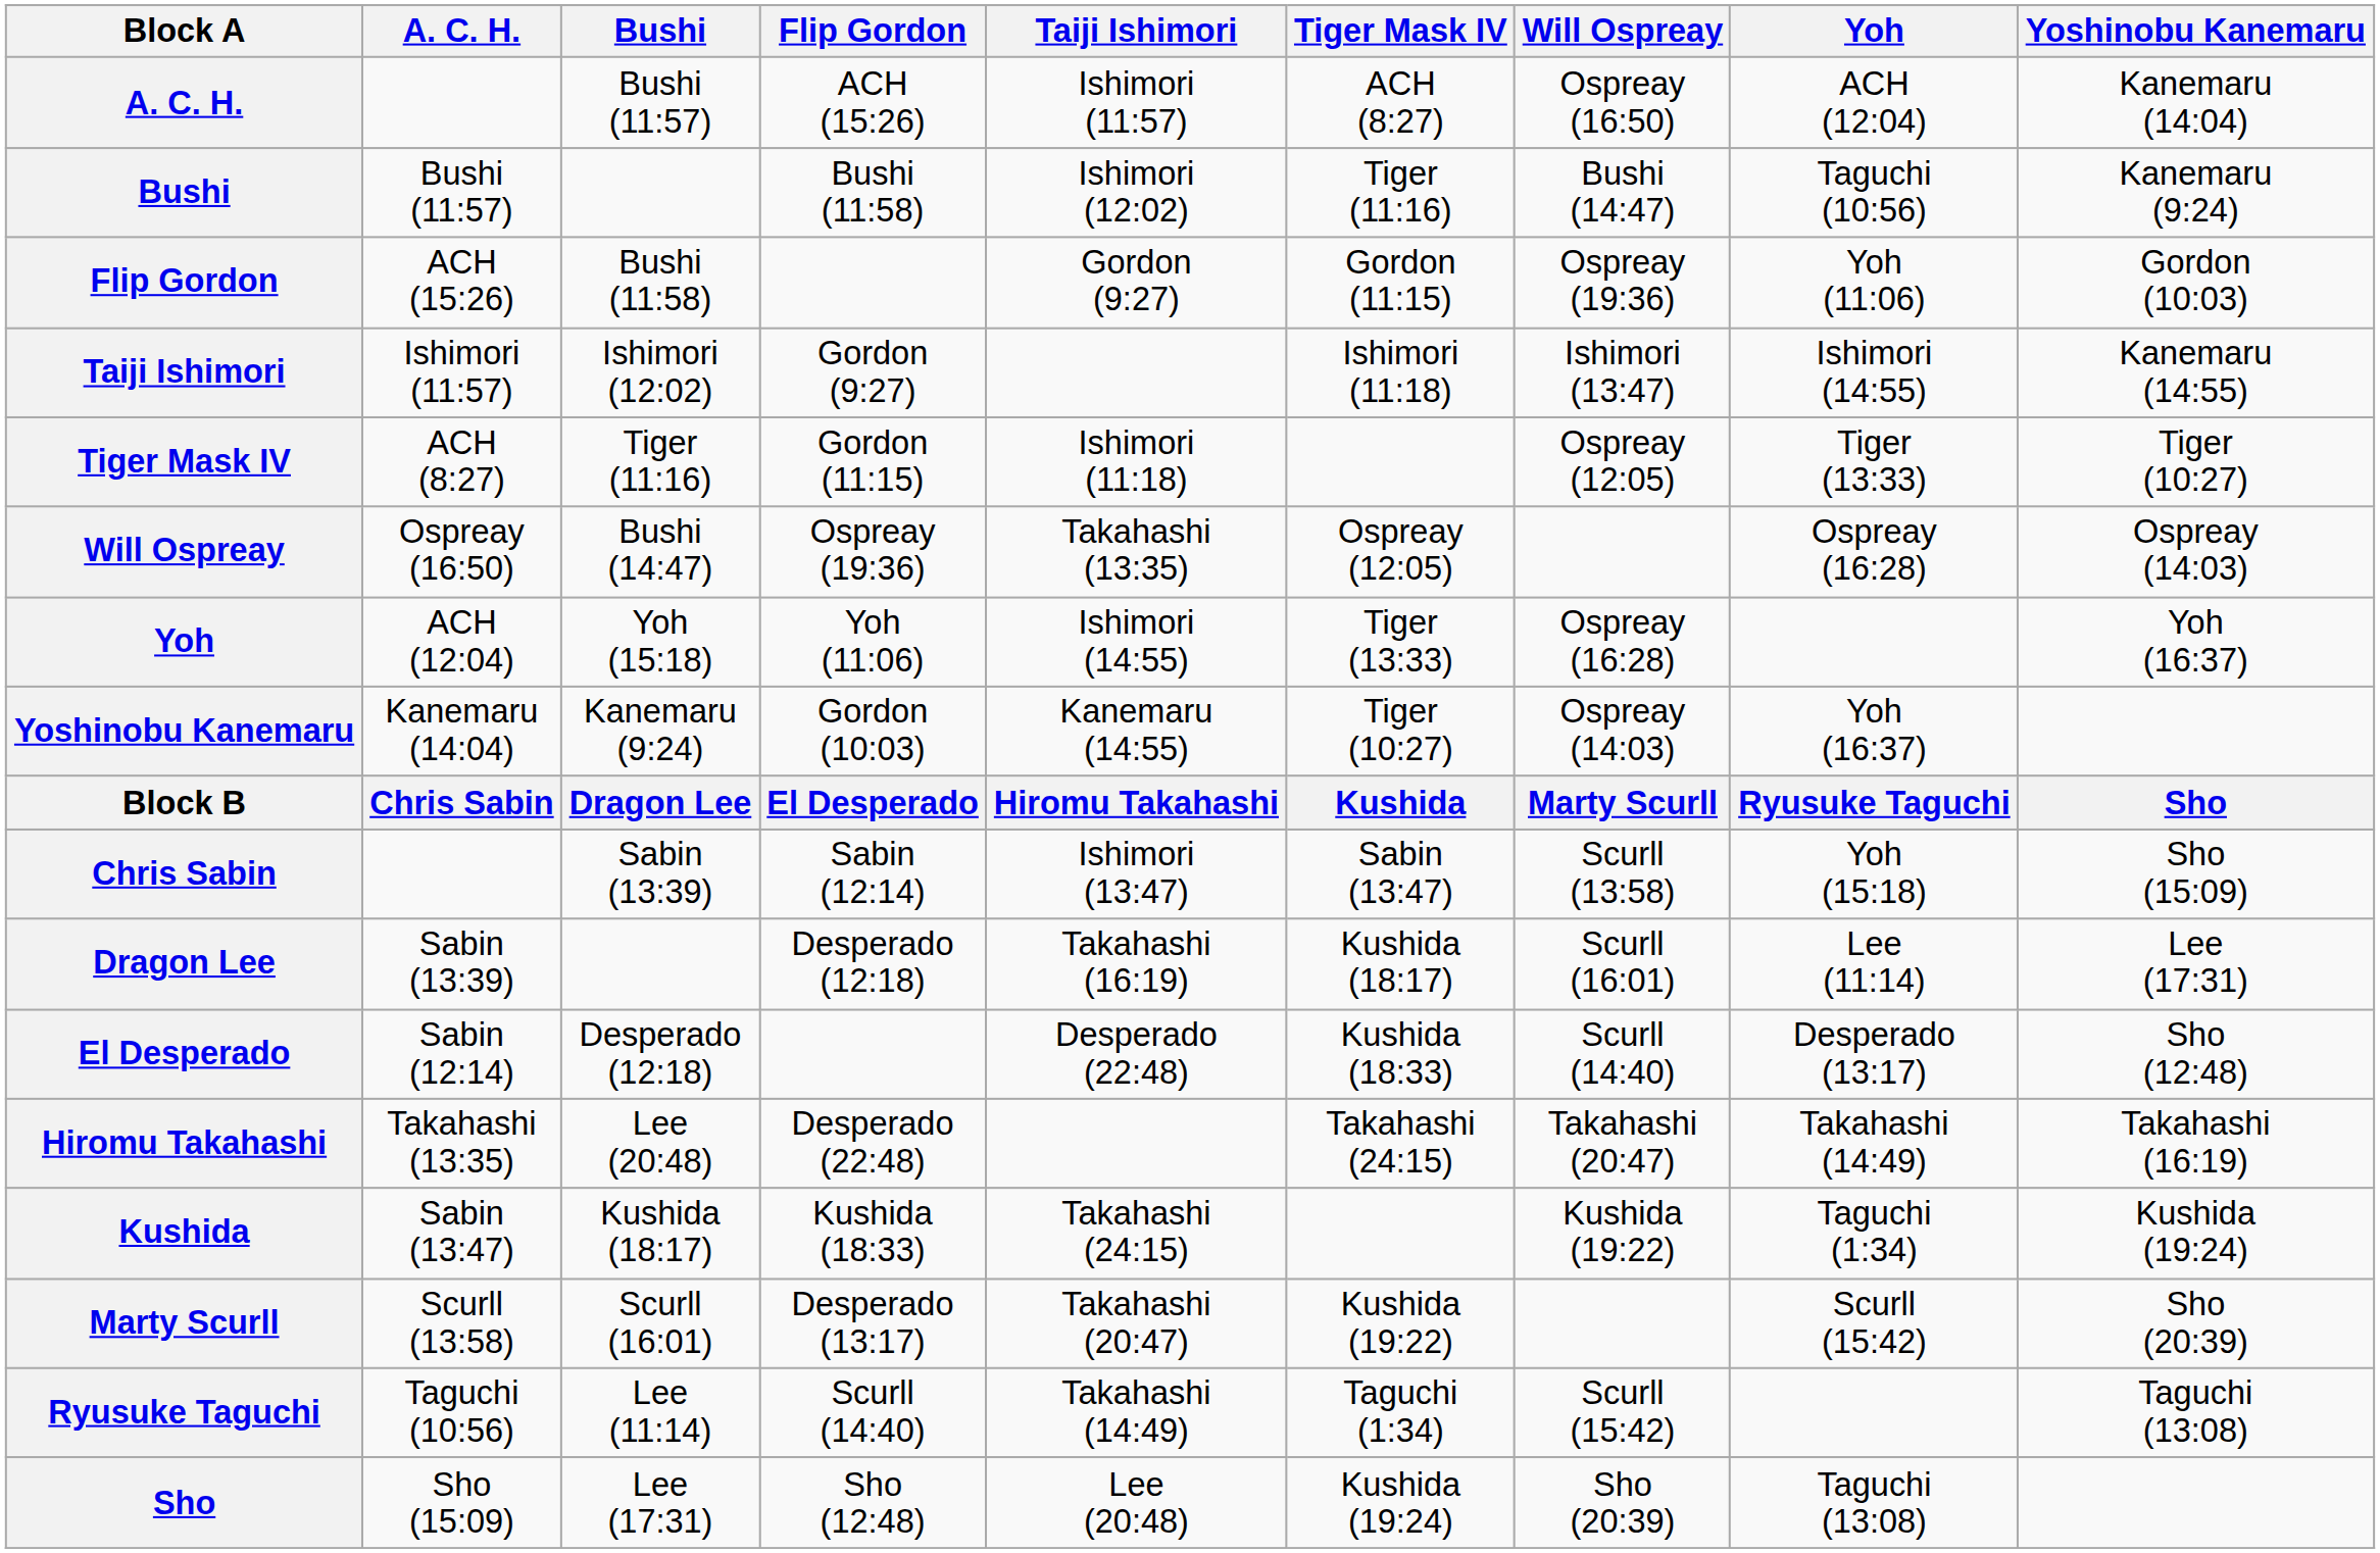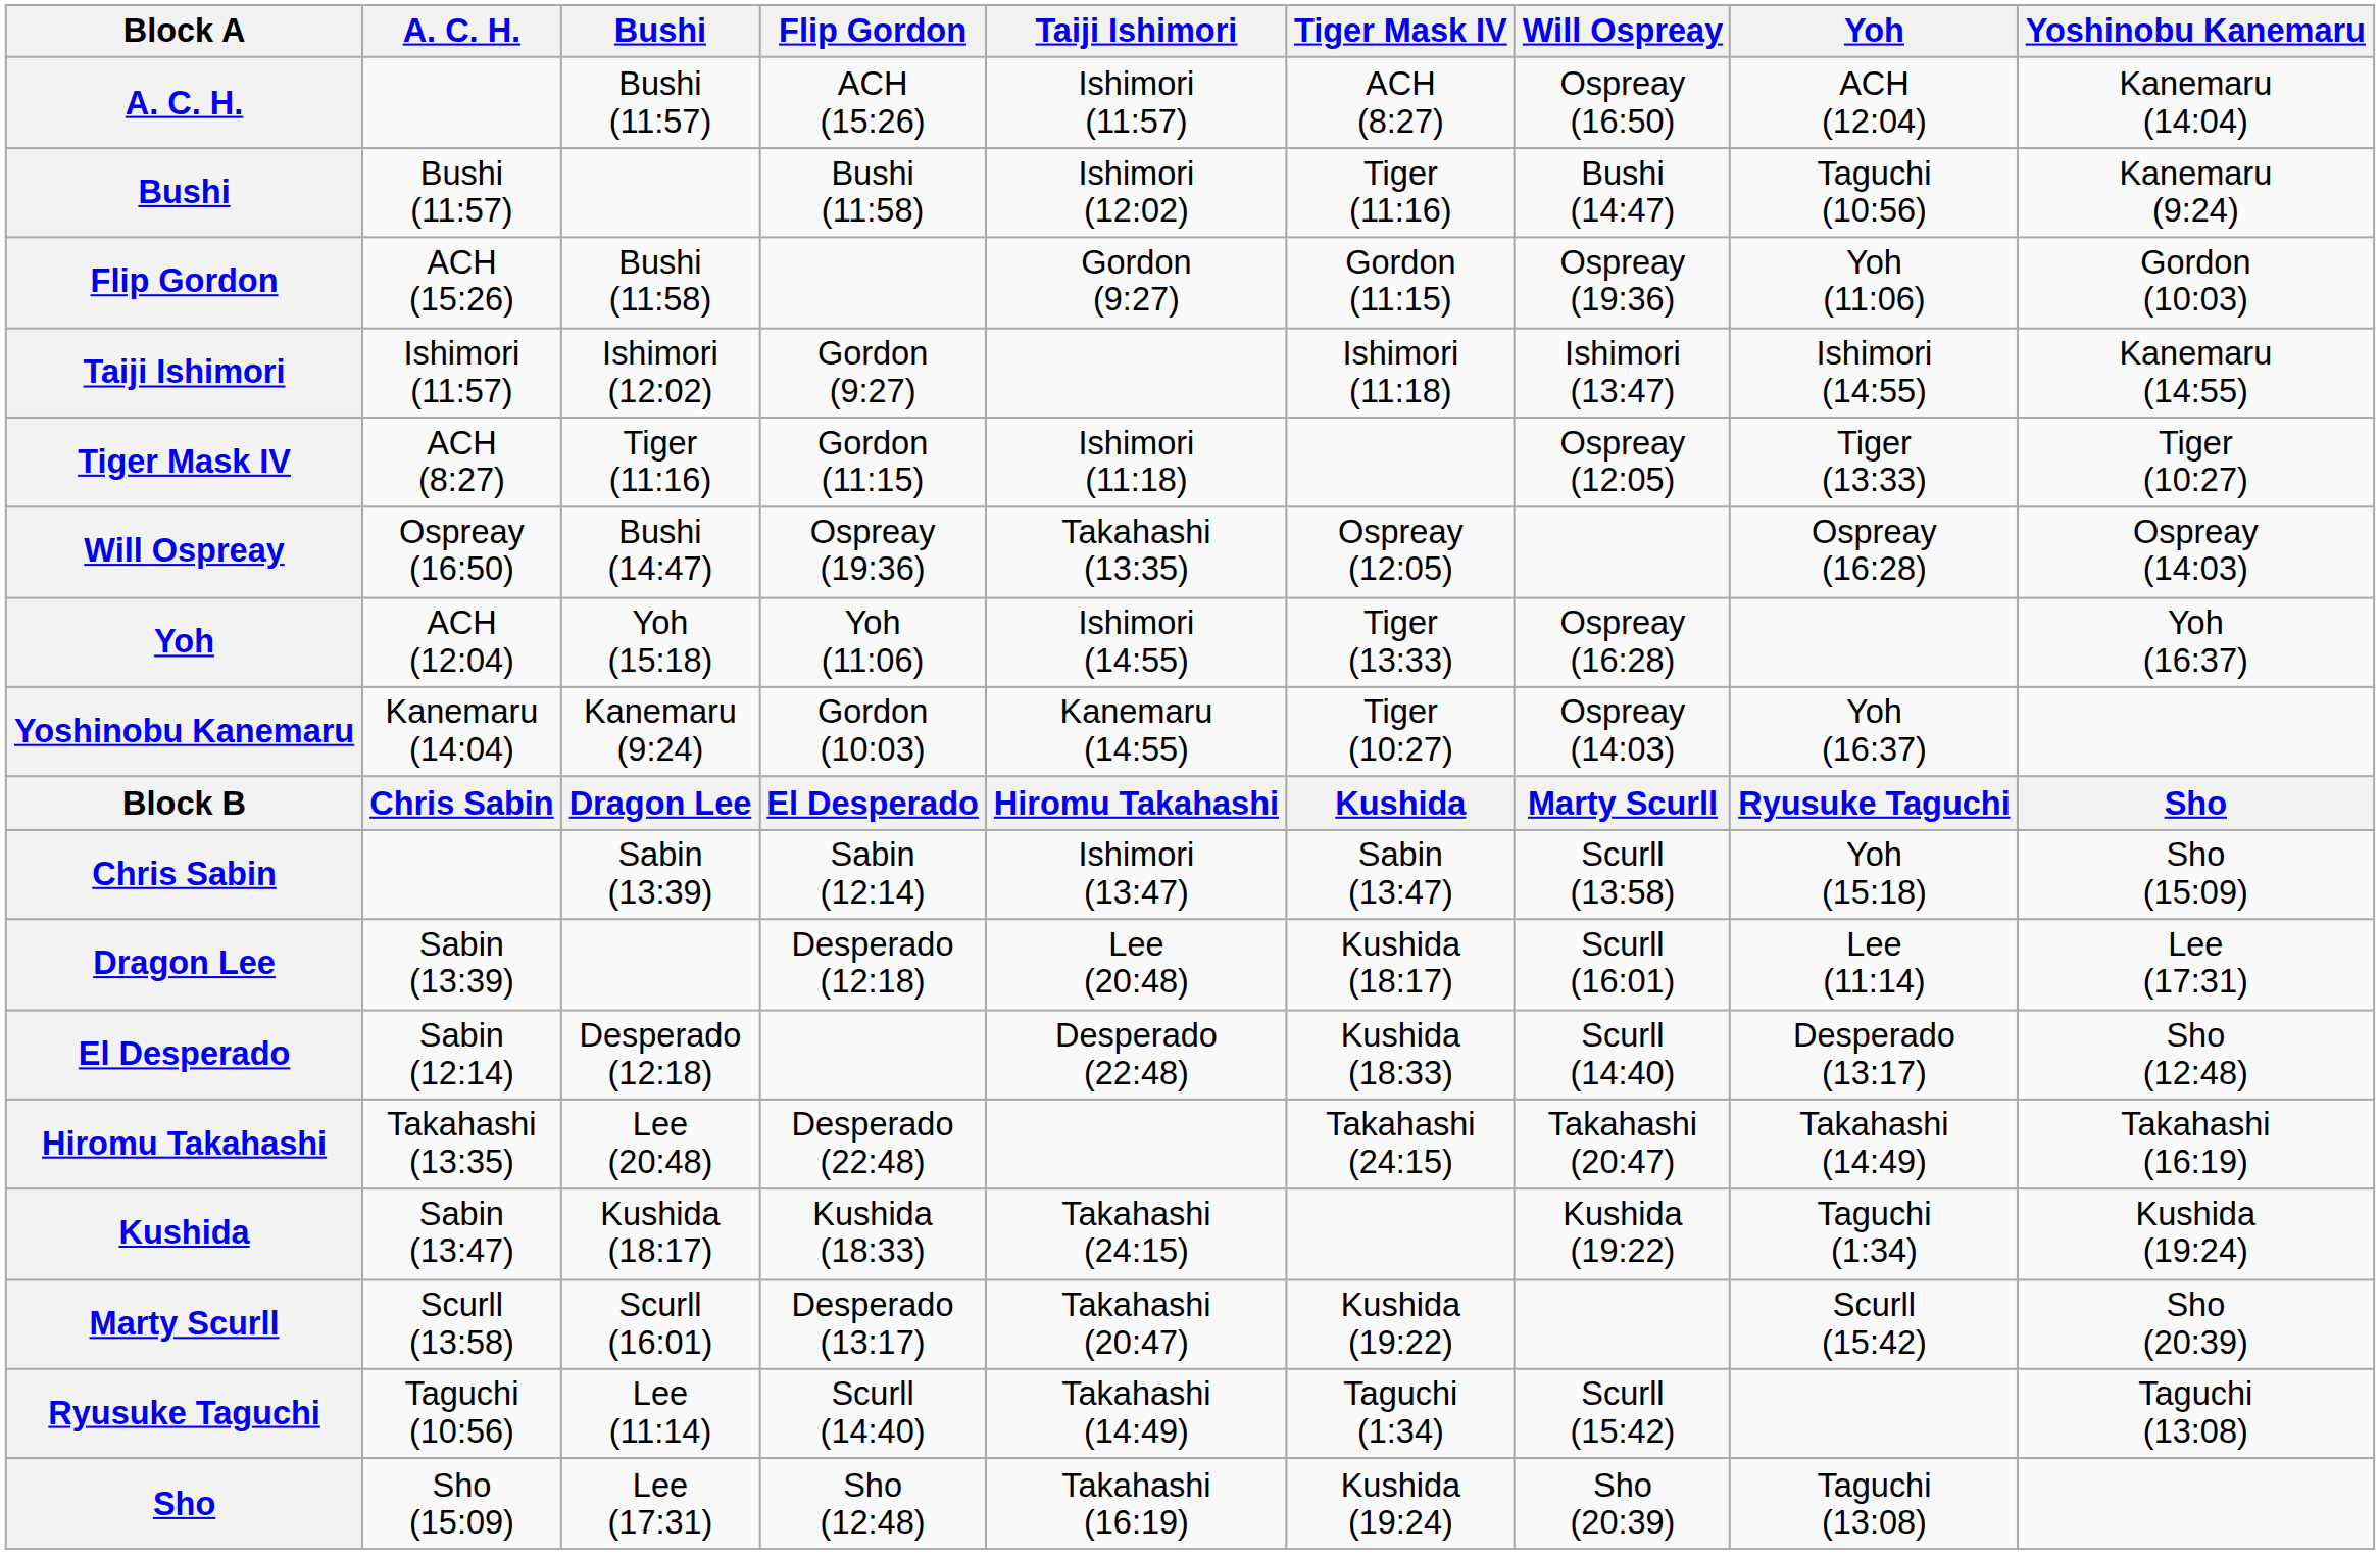 <table class="wikitable" style="margin: 1em auto 1em auto">
 <tr align="center">
 <th>Block A</th>
 <th><a href='#'>A. C. H.</a></th>
 <th><a href='#'>Bushi</a></th>
 <th><a href='#'>Flip Gordon</a></th>
 <th><a href='#'>Taiji Ishimori</a></th>
 <th><a href='#'>Tiger Mask IV</a></th>
 <th><a href='#'>Will Ospreay</a></th>
 <th><a href='#'>Yoh</a></th>
 <th><a href='#'>Yoshinobu Kanemaru</a></th>
 </tr>
 <tr align="center">
 <th><a href='#'>A. C. H.</a></th>
 <td></td>
 <td>Bushi<br>(11:57)</td>
 <td>ACH<br>(15:26)</td>
 <td>Ishimori<br>(11:57)</td>
 <td>ACH<br>(8:27)</td>
 <td>Ospreay<br>(16:50)</td>
 <td>ACH<br>(12:04)</td>
 <td>Kanemaru<br>(14:04)</td>
 </tr>
 <tr align="center">
 <th><a href='#'>Bushi</a></th>
 <td>Bushi<br>(11:57)</td>
 <td></td>
 <td>Bushi<br>(11:58)</td>
 <td>Ishimori<br>(12:02)</td>
 <td>Tiger<br>(11:16)</td>
 <td>Bushi<br>(14:47)</td>
 <td>Taguchi<br>(10:56)</td>
 <td>Kanemaru<br>(9:24)</td>
 </tr>
 <tr align="center">
 <th><a href='#'>Flip Gordon</a></th>
 <td>ACH<br>(15:26)</td>
 <td>Bushi<br>(11:58)</td>
 <td></td>
 <td>Gordon<br>(9:27)</td>
 <td>Gordon<br>(11:15)</td>
 <td>Ospreay<br>(19:36)</td>
 <td>Yoh<br>(11:06)</td>
 <td>Gordon<br>(10:03)</td>
 </tr>
 <tr align="center">
 <th><a href='#'>Taiji Ishimori</a></th>
 <td>Ishimori<br>(11:57)</td>
 <td>Ishimori<br>(12:02)</td>
 <td>Gordon<br>(9:27)</td>
 <td></td>
 <td>Ishimori<br>(11:18)</td>
 <td>Ishimori<br>(13:47)</td>
 <td>Ishimori<br>(14:55)</td>
 <td>Kanemaru<br>(14:55)</td>
 </tr>
 <tr align="center">
 <th><a href='#'>Tiger Mask IV</a></th>
 <td>ACH<br>(8:27)</td>
 <td>Tiger<br>(11:16)</td>
 <td>Gordon<br>(11:15)</td>
 <td>Ishimori<br>(11:18)</td>
 <td></td>
 <td>Ospreay<br>(12:05)</td>
 <td>Tiger<br>(13:33)</td>
 <td>Tiger<br>(10:27)</td>
 </tr>
 <tr align="center">
 <th><a href='#'>Will Ospreay</a></th>
 <td>Ospreay<br>(16:50)</td>
 <td>Bushi<br>(14:47)</td>
 <td>Ospreay<br>(19:36)</td>
 <td>Takahashi<br>(13:35)</td>
 <td>Ospreay<br>(12:05)</td>
 <td></td>
 <td>Ospreay<br>(16:28)</td>
 <td>Ospreay<br>(14:03)</td>
 </tr>
 <tr align="center">
 <th><a href='#'>Yoh</a></th>
 <td>ACH<br>(12:04)</td>
 <td>Yoh<br>(15:18)</td>
 <td>Yoh<br>(11:06)</td>
 <td>Ishimori<br>(14:55)</td>
 <td>Tiger<br>(13:33)</td>
 <td>Ospreay<br>(16:28)</td>
 <td></td>
 <td>Yoh<br>(16:37)</td>
 </tr>
 <tr align="center">
 <th><a href='#'>Yoshinobu Kanemaru</a></th>
 <td>Kanemaru<br>(14:04)</td>
 <td>Kanemaru<br>(9:24)</td>
 <td>Gordon<br>(10:03)</td>
 <td>Kanemaru<br>(14:55)</td>
 <td>Tiger<br>(10:27)</td>
 <td>Ospreay<br>(14:03)</td>
 <td>Yoh<br>(16:37)</td>
 <td></td>
 </tr>
 <tr align="center">
 <th>Block B</th>
 <th><a href='#'>Chris Sabin</a></th>
 <th><a href='#'>Dragon Lee</a></th>
 <th><a href='#'>El Desperado</a></th>
 <th><a href='#'>Hiromu Takahashi</a></th>
 <th><a href='#'>Kushida</a></th>
 <th><a href='#'>Marty Scurll</a></th>
 <th><a href='#'>Ryusuke Taguchi</a></th>
 <th><a href='#'>Sho</a></th>
 </tr>
 <tr align="center">
 <th><a href='#'>Chris Sabin</a></th>
 <td></td>
 <td>Sabin<br>(13:39)</td>
 <td>Sabin<br>(12:14)</td>
 <td>Ishimori<br>(13:47)</td>
 <td>Sabin<br>(13:47)</td>
 <td>Scurll<br>(13:58)</td>
 <td>Yoh<br>(15:18)</td>
 <td>Sho<br>(15:09)</td>
 </tr>
 <tr align="center">
 <th><a href='#'>Dragon Lee</a></th>
 <td>Sabin<br>(13:39)</td>
 <td></td>
 <td>Desperado<br>(12:18)</td>
-<td>Takahashi<br>(16:19)</td>
+<td>Lee<br>(20:48)</td>
 <td>Kushida<br>(18:17)</td>
 <td>Scurll<br>(16:01)</td>
 <td>Lee<br>(11:14)</td>
 <td>Lee<br>(17:31)</td>
 </tr>
 <tr align="center">
 <th><a href='#'>El Desperado</a></th>
 <td>Sabin<br>(12:14)</td>
 <td>Desperado<br>(12:18)</td>
 <td></td>
 <td>Desperado<br>(22:48)</td>
 <td>Kushida<br>(18:33)</td>
 <td>Scurll<br>(14:40)</td>
 <td>Desperado<br>(13:17)</td>
 <td>Sho<br>(12:48)</td>
 </tr>
 <tr align="center">
 <th><a href='#'>Hiromu Takahashi</a></th>
 <td>Takahashi<br>(13:35)</td>
 <td>Lee<br>(20:48)</td>
 <td>Desperado<br>(22:48)</td>
 <td></td>
 <td>Takahashi<br>(24:15)</td>
 <td>Takahashi<br>(20:47)</td>
 <td>Takahashi<br>(14:49)</td>
 <td>Takahashi<br>(16:19)</td>
 </tr>
 <tr align="center">
 <th><a href='#'>Kushida</a></th>
 <td>Sabin<br>(13:47)</td>
 <td>Kushida<br>(18:17)</td>
 <td>Kushida<br>(18:33)</td>
 <td>Takahashi<br>(24:15)</td>
 <td></td>
 <td>Kushida<br>(19:22)</td>
 <td>Taguchi<br>(1:34)</td>
 <td>Kushida<br>(19:24)</td>
 </tr>
 <tr align="center">
 <th><a href='#'>Marty Scurll</a></th>
 <td>Scurll<br>(13:58)</td>
 <td>Scurll<br>(16:01)</td>
 <td>Desperado<br>(13:17)</td>
 <td>Takahashi<br>(20:47)</td>
 <td>Kushida<br>(19:22)</td>
 <td></td>
 <td>Scurll<br>(15:42)</td>
 <td>Sho<br>(20:39)</td>
 </tr>
 <tr align="center">
 <th><a href='#'>Ryusuke Taguchi</a></th>
 <td>Taguchi<br>(10:56)</td>
 <td>Lee<br>(11:14)</td>
 <td>Scurll<br>(14:40)</td>
 <td>Takahashi<br>(14:49)</td>
 <td>Taguchi<br>(1:34)</td>
 <td>Scurll<br>(15:42)</td>
 <td></td>
 <td>Taguchi<br>(13:08)</td>
 </tr>
 <tr align="center">
 <th><a href='#'>Sho</a></th>
 <td>Sho<br>(15:09)</td>
 <td>Lee<br>(17:31)</td>
 <td>Sho<br>(12:48)</td>
-<td>Lee<br>(20:48)</td>
+<td>Takahashi<br>(16:19)</td>
 <td>Kushida<br>(19:24)</td>
 <td>Sho<br>(20:39)</td>
 <td>Taguchi<br>(13:08)</td>
 <td></td>
 </tr>
 <tr align="center">
 </tr>
 </table>
